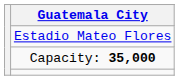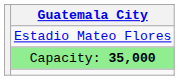 <table class="wikitable" style="text-align:center">
 <tr>
 <th rowspan="8"></th>
 </tr>
 <tr>
 <th><a href='#'>Guatemala City</a></th>
 </tr>
 <tr>
 <td><a href='#'>Estadio Mateo Flores</a></td>
 </tr>
 <tr>
-<td>Capacity: <strong>35,000</strong></td>
+<td style="background: lightgreen;">Capacity: <strong>35,000</strong></td>
 </tr>
 <tr>
 <td></td>
 </tr>
 </table>
